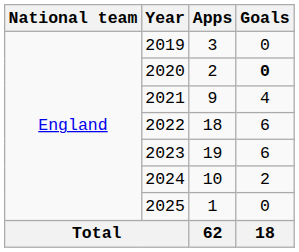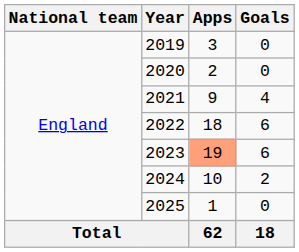 <table class="wikitable" style="text-align:center">
 <tr>
 <th>National team</th>
 <th>Year</th>
 <th>Apps</th>
 <th>Goals</th>
 </tr>
 <tr>
 <td rowspan="7"><a href='#'>England</a></td>
 <td>2019</td>
 <td>3</td>
 <td>0</td>
 </tr>
 <tr>
 <td>2020</td>
 <td>2</td>
-<td><strong>0</strong></td>
+<td>0</td>
 </tr>
 <tr>
 <td>2021</td>
 <td>9</td>
 <td>4</td>
 </tr>
 <tr>
 <td>2022</td>
 <td>18</td>
 <td>6</td>
 </tr>
 <tr>
 <td>2023</td>
-<td>19</td>
+<td style="background: lightsalmon;">19</td>
 <td>6</td>
 </tr>
 <tr>
 <td>2024</td>
 <td>10</td>
 <td>2</td>
 </tr>
 <tr>
 <td>2025</td>
 <td>1</td>
 <td>0</td>
 </tr>
 <tr>
 <th colspan="2">Total</th>
 <th>62</th>
 <th>18</th>
 </tr>
 </table>
